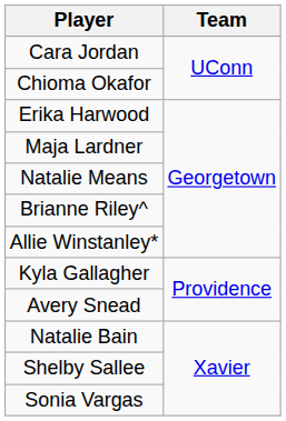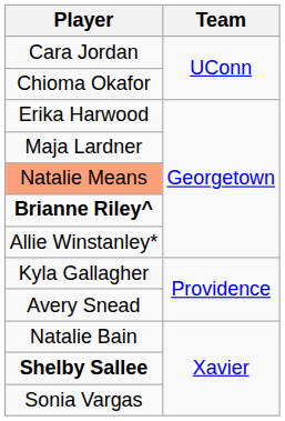 <table class="wikitable" style="text-align: center;">
 <tr>
 <th>Player</th>
 <th>Team</th>
 </tr>
 <tr>
 <td>Cara Jordan</td>
 <td rowspan=2><a href='#'>UConn</a></td>
 </tr>
 <tr>
 <td>Chioma Okafor</td>
 </tr>
 <tr>
 <td>Erika Harwood</td>
 <td rowspan=5><a href='#'>Georgetown</a></td>
 </tr>
 <tr>
 <td>Maja Lardner</td>
 </tr>
 <tr>
-<td>Natalie Means</td>
+<td style="background: lightsalmon;">Natalie Means</td>
 </tr>
 <tr>
-<td>Brianne Riley^</td>
+<td><strong>Brianne Riley^</strong></td>
 </tr>
 <tr>
 <td>Allie Winstanley*</td>
 </tr>
 <tr>
 <td>Kyla Gallagher</td>
 <td rowspan=2><a href='#'>Providence</a></td>
 </tr>
 <tr>
 <td>Avery Snead</td>
 </tr>
 <tr>
 <td>Natalie Bain</td>
 <td rowspan=3><a href='#'>Xavier</a></td>
 </tr>
 <tr>
-<td>Shelby Sallee</td>
+<td><strong>Shelby Sallee</strong></td>
 </tr>
 <tr>
 <td>Sonia Vargas</td>
 </tr>
 </table>
